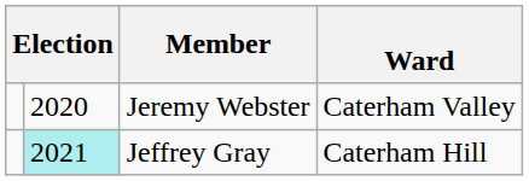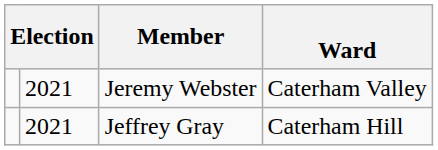 <table class="wikitable">
 <tr>
 <th colspan="2">Election</th>
 <th>Member</th>
 <th><br>Ward</th>
 </tr>
 <tr>
 <td style="background-color: "></td>
-<td>2020</td>
+<td>2021</td>
 <td>Jeremy Webster</td>
 <td>Caterham Valley</td>
 </tr>
 <tr>
 <td style="background-color: "></td>
-<td style="background: paleturquoise;">2021</td>
+<td>2021</td>
 <td>Jeffrey Gray</td>
 <td>Caterham Hill</td>
 </tr>
 </table>
